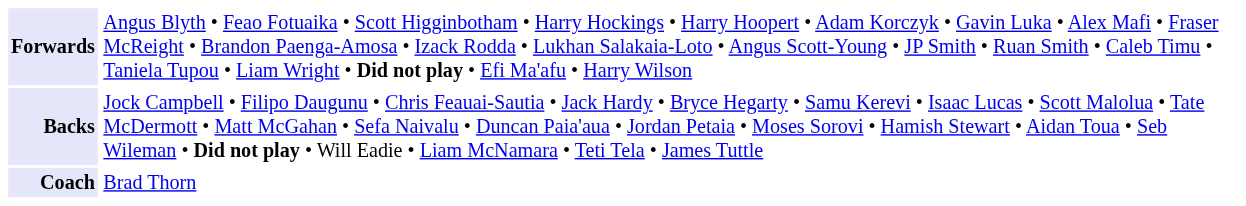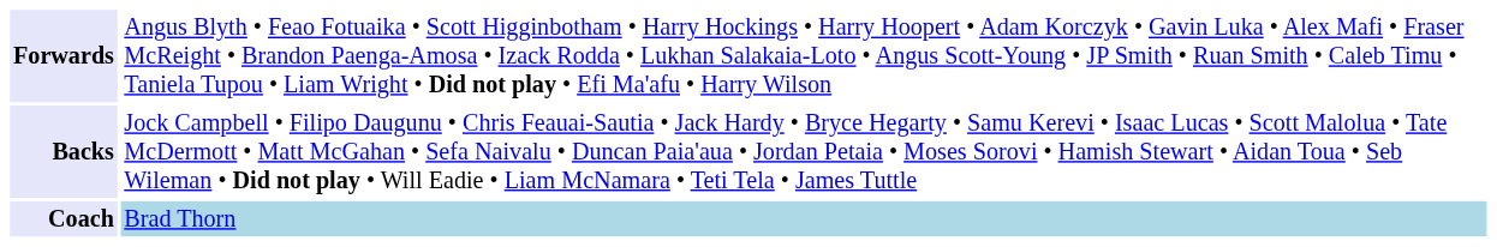 <table cellpadding="2" style="border: 1px solid white; font-size:90%;">
 <tr>
 <td style="text-align:right;" bgcolor="lavender"><strong>Forwards</strong></td>
 <td style="text-align:left;"><a href='#'>Angus Blyth</a> • <a href='#'>Feao Fotuaika</a> • <a href='#'>Scott Higginbotham</a> • <a href='#'>Harry Hockings</a> • <a href='#'>Harry Hoopert</a> • <a href='#'>Adam Korczyk</a> • <a href='#'>Gavin Luka</a> • <a href='#'>Alex Mafi</a> • <a href='#'>Fraser McReight</a> • <a href='#'>Brandon Paenga-Amosa</a> • <a href='#'>Izack Rodda</a> • <a href='#'>Lukhan Salakaia-Loto</a> • <a href='#'>Angus Scott-Young</a> • <a href='#'>JP Smith</a> • <a href='#'>Ruan Smith</a> • <a href='#'>Caleb Timu</a> • <a href='#'>Taniela Tupou</a> • <a href='#'>Liam Wright</a> • <strong>Did not play</strong> • <a href='#'>Efi Ma'afu</a> • <a href='#'>Harry Wilson</a></td>
 </tr>
 <tr>
 <td style="text-align:right;" bgcolor="lavender"><strong>Backs</strong></td>
 <td style="text-align:left;"><a href='#'>Jock Campbell</a> • <a href='#'>Filipo Daugunu</a> • <a href='#'>Chris Feauai-Sautia</a> • <a href='#'>Jack Hardy</a> • <a href='#'>Bryce Hegarty</a> • <a href='#'>Samu Kerevi</a> • <a href='#'>Isaac Lucas</a> • <a href='#'>Scott Malolua</a> • <a href='#'>Tate McDermott</a> • <a href='#'>Matt McGahan</a> • <a href='#'>Sefa Naivalu</a> • <a href='#'>Duncan Paia'aua</a> • <a href='#'>Jordan Petaia</a> • <a href='#'>Moses Sorovi</a> • <a href='#'>Hamish Stewart</a> • <a href='#'>Aidan Toua</a> • <a href='#'>Seb Wileman</a> • <strong>Did not play</strong> • Will Eadie • <a href='#'>Liam McNamara</a> • <a href='#'>Teti Tela</a> • <a href='#'>James Tuttle</a></td>
 </tr>
 <tr>
 <td style="text-align:right;" bgcolor="lavender"><strong>Coach</strong></td>
-<td style="text-align:left;"><a href='#'>Brad Thorn</a></td>
+<td style="background: lightblue; text-align:left;"><a href='#'>Brad Thorn</a></td>
 </tr>
 </table>
